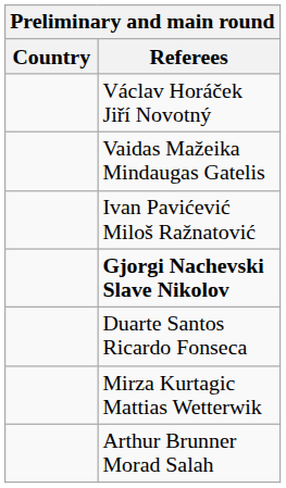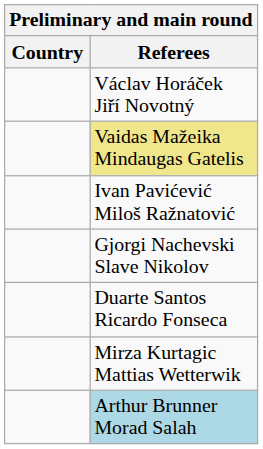 <table class="wikitable">
 <tr>
 <th colspan="3">Preliminary and main round</th>
 </tr>
 <tr>
 <th>Country</th>
 <th>Referees</th>
 </tr>
 <tr>
 <td></td>
 <td>Václav Horáček<br>Jiří Novotný</td>
 </tr>
 <tr>
 <td></td>
-<td>Vaidas Mažeika<br>Mindaugas Gatelis</td>
+<td style="background: khaki;">Vaidas Mažeika<br>Mindaugas Gatelis</td>
 </tr>
 <tr>
 <td></td>
 <td>Ivan Pavićević<br>Miloš Ražnatović</td>
 </tr>
 <tr>
 <td></td>
-<td><strong>Gjorgi Nachevski<br>Slave Nikolov</strong></td>
+<td>Gjorgi Nachevski<br>Slave Nikolov</td>
 </tr>
 <tr>
 <td></td>
 <td>Duarte Santos<br>Ricardo Fonseca</td>
 </tr>
 <tr>
 <td></td>
 <td>Mirza Kurtagic<br>Mattias Wetterwik</td>
 </tr>
 <tr>
 <td></td>
-<td>Arthur Brunner<br>Morad Salah</td>
+<td style="background: lightblue;">Arthur Brunner<br>Morad Salah</td>
 </tr>
 </table>
